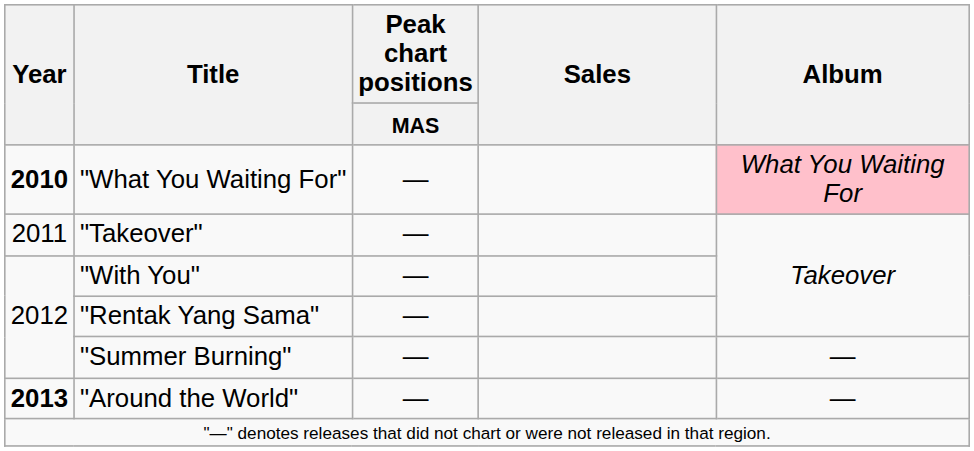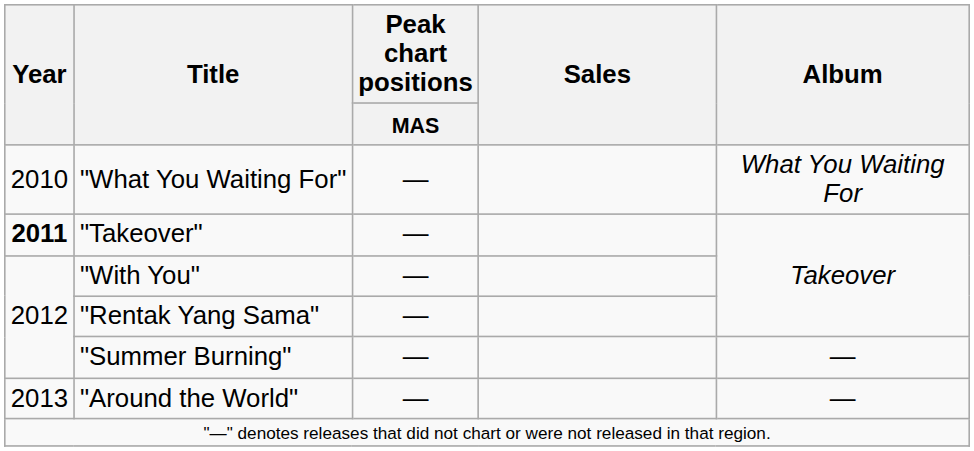 <table class="wikitable" style="text-align:center;">
 <tr>
 <th rowspan="2">Year</th>
 <th rowspan="2">Title</th>
 <th colspan="1">Peak chart positions</th>
 <th rowspan="2" width="140">Sales</th>
 <th rowspan="2" width="150">Album</th>
 </tr>
 <tr>
 <th width="40"><small>MAS</small></th>
 </tr>
 <tr>
-<td rowspan="1"><strong>2010</strong></td>
+<td rowspan="1">2010</td>
 <td align="left">"What You Waiting For" <br></td>
 <td>—</td>
 <td></td>
-<td style="background: pink;"><em>What You Waiting For</em></td>
+<td><em>What You Waiting For</em></td>
 </tr>
 <tr>
-<td rowspan="1">2011</td>
+<td rowspan="1"><strong>2011</strong></td>
 <td align="left">"Takeover" <br></td>
 <td>—</td>
 <td></td>
 <td rowspan="3"><em>Takeover</em></td>
 </tr>
 <tr>
 <td rowspan="3">2012</td>
 <td align="left">"With You"</td>
 <td>—</td>
 <td></td>
 </tr>
 <tr>
 <td align="left">"Rentak Yang Sama"</td>
 <td>—</td>
 <td></td>
 </tr>
 <tr>
 <td align="left">"Summer Burning"</td>
 <td>—</td>
 <td></td>
 <td>—</td>
 </tr>
 <tr>
-<td rowspan="1"><strong>2013</strong></td>
+<td rowspan="1">2013</td>
 <td align="left">"Around the World" <br></td>
 <td>—</td>
 <td></td>
 <td>—</td>
 </tr>
 <tr>
 <td colspan="6" style="text-align:center; font-size:8pt;">"—" denotes releases that did not chart or were not released in that region.</td>
 </tr>
 </table>
